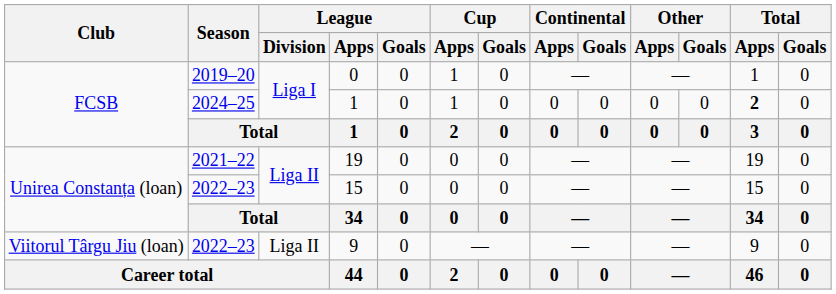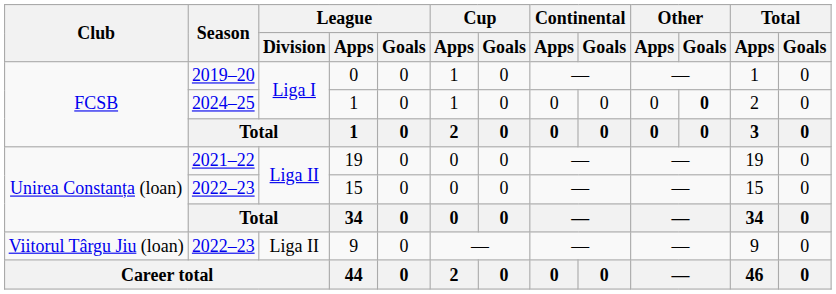 <table class="wikitable" style="text-align: center">
 <tr>
 <th rowspan="2">Club</th>
 <th rowspan="2">Season</th>
 <th colspan="3">League</th>
 <th colspan="2">Cup</th>
 <th colspan="2">Continental</th>
 <th colspan="2">Other</th>
 <th colspan="2">Total</th>
 </tr>
 <tr>
 <th>Division</th>
 <th>Apps</th>
 <th>Goals</th>
 <th>Apps</th>
 <th>Goals</th>
 <th>Apps</th>
 <th>Goals</th>
 <th>Apps</th>
 <th>Goals</th>
 <th>Apps</th>
 <th>Goals</th>
 </tr>
 <tr>
 <td rowspan="3"><a href='#'>FCSB</a></td>
 <td><a href='#'>2019–20</a></td>
 <td rowspan="2"><a href='#'>Liga I</a></td>
 <td>0</td>
 <td>0</td>
 <td>1</td>
 <td>0</td>
 <td colspan="2">—</td>
 <td colspan="2">—</td>
 <td>1</td>
 <td>0</td>
 </tr>
 <tr>
 <td><a href='#'>2024–25</a></td>
 <td>1</td>
 <td>0</td>
 <td>1</td>
 <td>0</td>
 <td>0</td>
 <td>0</td>
 <td>0</td>
-<td>0</td>
-<td><strong>2</strong></td>
+<td><strong>0</strong></td>
+<td>2</td>
 <td>0</td>
 </tr>
 <tr>
 <th colspan="2">Total</th>
 <th>1</th>
 <th>0</th>
 <th>2</th>
 <th>0</th>
 <th>0</th>
 <th>0</th>
 <th>0</th>
 <th>0</th>
 <th>3</th>
 <th>0</th>
 </tr>
 <tr>
 <td rowspan="3"><a href='#'>Unirea Constanța</a> (loan)</td>
 <td><a href='#'>2021–22</a></td>
 <td rowspan="2"><a href='#'>Liga II</a></td>
 <td>19</td>
 <td>0</td>
 <td>0</td>
 <td>0</td>
 <td colspan="2">—</td>
 <td colspan="2">—</td>
 <td>19</td>
 <td>0</td>
 </tr>
 <tr>
 <td><a href='#'>2022–23</a></td>
 <td>15</td>
 <td>0</td>
 <td>0</td>
 <td>0</td>
 <td colspan="2">—</td>
 <td colspan="2">—</td>
 <td>15</td>
 <td>0</td>
 </tr>
 <tr>
 <th colspan="2">Total</th>
 <th>34</th>
 <th>0</th>
 <th>0</th>
 <th>0</th>
 <th colspan="2">—</th>
 <th colspan="2">—</th>
 <th>34</th>
 <th>0</th>
 </tr>
 <tr>
 <td><a href='#'>Viitorul Târgu Jiu</a> (loan)</td>
 <td><a href='#'>2022–23</a></td>
 <td>Liga II</td>
 <td>9</td>
 <td>0</td>
 <td colspan="2">—</td>
 <td colspan="2">—</td>
 <td colspan="2">—</td>
 <td>9</td>
 <td>0</td>
 </tr>
 <tr>
 <th colspan="3"><strong>Career total</strong></th>
 <th>44</th>
 <th>0</th>
 <th>2</th>
 <th>0</th>
 <th>0</th>
 <th>0</th>
 <th colspan="2">—</th>
 <th>46</th>
 <th>0</th>
 </tr>
 </table>
